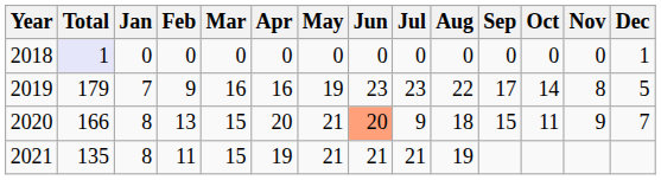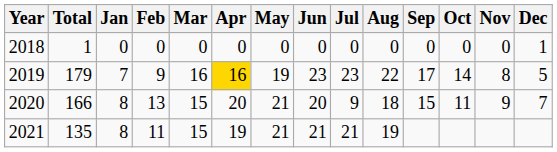 <table class="wikitable" style="text-align:right;">
 <tr>
 <th>Year</th>
 <th>Total</th>
 <th>Jan</th>
 <th>Feb</th>
 <th>Mar</th>
 <th>Apr</th>
 <th>May</th>
 <th>Jun</th>
 <th>Jul</th>
 <th>Aug</th>
 <th>Sep</th>
 <th>Oct</th>
 <th>Nov</th>
 <th>Dec</th>
 </tr>
 <tr align=right>
 <td>2018</td>
-<td style="background: lavender;">1</td>
+<td>1</td>
 <td>0</td>
 <td>0</td>
 <td>0</td>
 <td>0</td>
 <td>0</td>
 <td>0</td>
 <td>0</td>
 <td>0</td>
 <td>0</td>
 <td>0</td>
 <td>0</td>
 <td>1</td>
 </tr>
 <tr align=right>
 <td>2019</td>
 <td>179</td>
 <td>7</td>
 <td>9</td>
 <td>16</td>
-<td>16</td>
+<td style="background: gold;">16</td>
 <td>19</td>
 <td>23</td>
 <td>23</td>
 <td>22</td>
 <td>17</td>
 <td>14</td>
 <td>8</td>
 <td>5</td>
 </tr>
 <tr align=right>
 <td>2020</td>
 <td>166</td>
 <td>8</td>
 <td>13</td>
 <td>15</td>
 <td>20</td>
 <td>21</td>
-<td style="background: lightsalmon;">20</td>
+<td>20</td>
 <td>9</td>
 <td>18</td>
 <td>15</td>
 <td>11</td>
 <td>9</td>
 <td>7</td>
 </tr>
 <tr align=right>
 <td>2021</td>
 <td>135</td>
 <td>8</td>
 <td>11</td>
 <td>15</td>
 <td>19</td>
 <td>21</td>
 <td>21</td>
 <td>21</td>
 <td>19</td>
 <td></td>
 <td></td>
 <td></td>
 </tr>
 </table>
